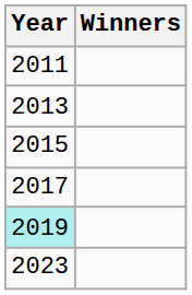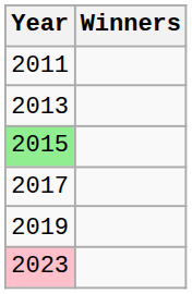 <table class=wikitable style="font-size:90%; text-align:left">
 <tr>
 <th>Year</th>
 <th>Winners</th>
 </tr>
 <tr>
 <td>2011</td>
 <td></td>
 </tr>
 <tr>
 <td>2013</td>
 <td></td>
 </tr>
 <tr>
-<td>2015</td>
+<td style="background: lightgreen;">2015</td>
 <td></td>
 </tr>
 <tr>
 <td>2017</td>
 <td></td>
 </tr>
 <tr>
-<td style="background: paleturquoise;">2019</td>
+<td>2019</td>
 <td></td>
 </tr>
 <tr>
-<td>2023</td>
+<td style="background: pink;">2023</td>
 <td></td>
 </tr>
 </table>
